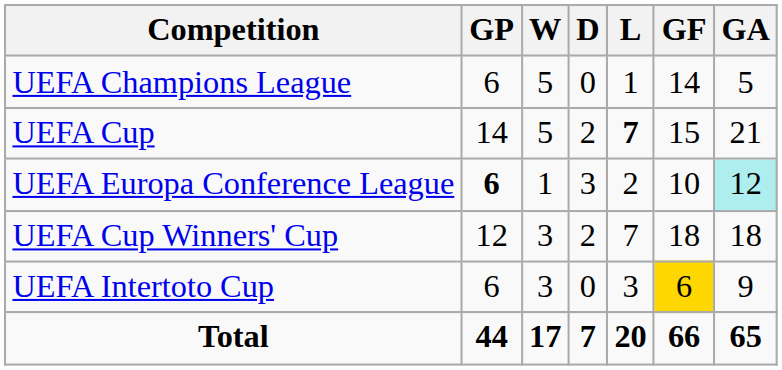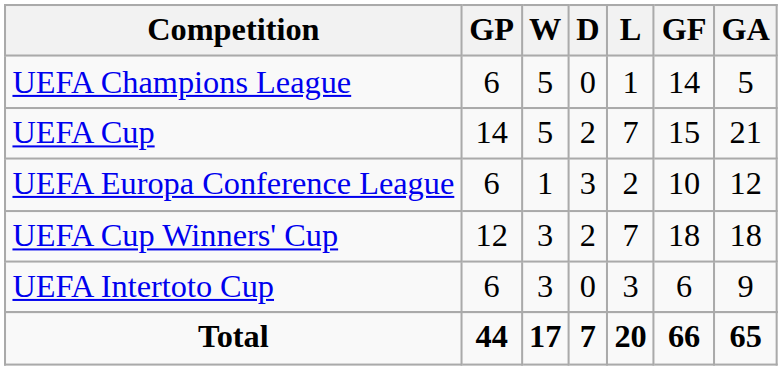 <table class="wikitable sortable" style="text-align: center;">
 <tr>
 <th>Competition</th>
 <th>GP</th>
 <th>W</th>
 <th>D</th>
 <th>L</th>
 <th>GF</th>
 <th>GA</th>
 </tr>
 <tr>
 <td align=left><a href='#'>UEFA Champions League</a></td>
 <td>6</td>
 <td>5</td>
 <td>0</td>
 <td>1</td>
 <td>14</td>
 <td>5</td>
 </tr>
 <tr>
 <td align=left><a href='#'>UEFA Cup</a></td>
 <td>14</td>
 <td>5</td>
 <td>2</td>
-<td><strong>7</strong></td>
+<td>7</td>
 <td>15</td>
 <td>21</td>
 </tr>
 <tr>
 <td align=left><a href='#'>UEFA Europa Conference League</a></td>
-<td><strong>6</strong></td>
+<td>6</td>
 <td>1</td>
 <td>3</td>
 <td>2</td>
 <td>10</td>
-<td style="background: paleturquoise;">12</td>
+<td>12</td>
 </tr>
 <tr>
 <td align=left><a href='#'>UEFA Cup Winners' Cup</a></td>
 <td>12</td>
 <td>3</td>
 <td>2</td>
 <td>7</td>
 <td>18</td>
 <td>18</td>
 </tr>
 <tr>
 <td align=left><a href='#'>UEFA Intertoto Cup</a></td>
 <td>6</td>
 <td>3</td>
 <td>0</td>
 <td>3</td>
-<td style="background: gold;">6</td>
+<td>6</td>
 <td>9</td>
 </tr>
 <tr>
 </tr>
 <tr class="unsortable">
 <td><strong>Total</strong></td>
 <td><strong>44</strong></td>
 <td><strong>17</strong></td>
 <td><strong>7</strong></td>
 <td><strong>20</strong></td>
 <td><strong>66</strong></td>
 <td><strong>65</strong></td>
 </tr>
 </table>
